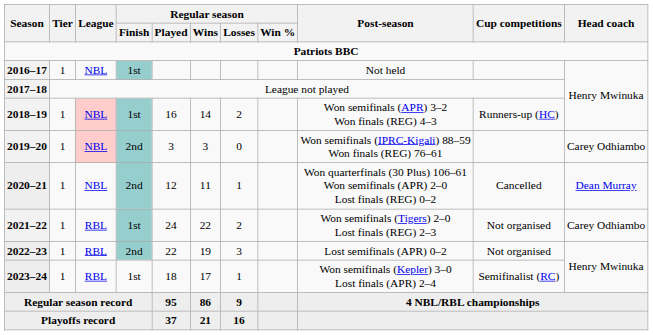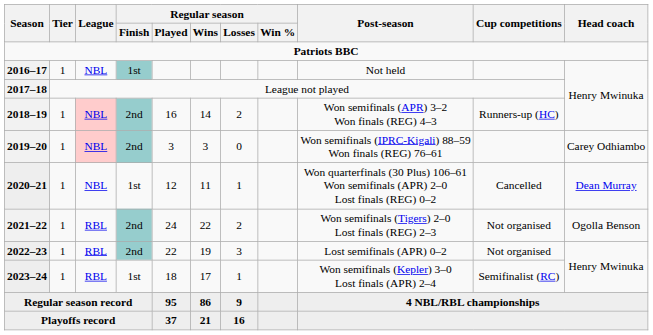 <table class="wikitable" style="font-size:95%; text-align:center">
 <tr>
 <th rowspan="2">Season</th>
 <th rowspan="2">Tier</th>
 <th rowspan="2">League</th>
 <th colspan="5">Regular season</th>
 <th rowspan="2">Post-season</th>
 <th rowspan="2">Cup competitions</th>
 <th rowspan="2">Head coach</th>
 </tr>
 <tr>
 <th>Finish</th>
 <th>Played</th>
 <th>Wins</th>
 <th>Losses</th>
 <th>Win %</th>
 </tr>
 <tr>
 <td colspan="12" align="center"><strong>Patriots BBC</strong></td>
 </tr>
 <tr>
 <th>2016–17</th>
 <td>1</td>
 <td><a href='#'>NBL</a></td>
 <td style="background-color:#96CDCD;">1st</td>
 <td></td>
 <td></td>
 <td></td>
 <td></td>
 <td>Not held</td>
 <td></td>
 <td rowspan="3">Henry Mwinuka</td>
 </tr>
 <tr>
 <th>2017–18</th>
 <td colspan="9">League not played</td>
 </tr>
 <tr>
 <th>2018–19</th>
 <td>1</td>
 <td bgcolor="#FFCCCC"><a href='#'>NBL</a></td>
-<td style="background-color:#96CDCD;">1st</td>
+<td style="background-color:#96CDCD;">2nd</td>
 <td>16</td>
 <td>14</td>
 <td>2</td>
 <td></td>
 <td>Won semifinals (<a href='#'>APR</a>) 3–2<br>Won finals (REG) 4–3</td>
 <td>Runners-up (<a href='#'>HC</a>)</td>
 </tr>
 <tr>
 <th>2019–20</th>
 <td>1</td>
 <td bgcolor="#FFCCCC"><a href='#'>NBL</a></td>
 <td style="background-color:#96CDCD;">2nd</td>
 <td>3</td>
 <td>3</td>
 <td>0</td>
 <td></td>
 <td>Won semifinals (<a href='#'>IPRC-Kigali</a>) 88–59<br>Won finals (REG) 76–61</td>
 <td></td>
 <td>Carey Odhiambo</td>
 </tr>
 <tr>
 <th style="background:#eee;">2020–21</th>
 <td style="text-align:center;">1</td>
 <td style="text-align:center;"><a href='#'>NBL</a></td>
-<td style="background-color:#96CDCD;">2nd</td>
+<td style="text-align:center;" style="background-color:#96CDCD;">1st</td>
 <td style="text-align:center;">12</td>
 <td style="text-align:center;">11</td>
 <td style="text-align:center;">1</td>
 <td style="text-align:center;"></td>
 <td style="text-align:center;">Won quarterfinals (30 Plus) 106–61<br>Won semifinals (APR) 2–0<br>Lost finals (REG) 0–2</td>
 <td>Cancelled</td>
 <td><a href='#'>Dean Murray</a></td>
 </tr>
 <tr>
 <th>2021–22</th>
 <td>1</td>
 <td><a href='#'>RBL</a></td>
-<td style="background-color:#96CDCD;">1st</td>
+<td style="background-color:#96CDCD;">2nd</td>
 <td>24</td>
 <td>22</td>
 <td>2</td>
 <td></td>
 <td>Won semifinals (<a href='#'>Tigers</a>) 2–0<br>Lost finals (REG) 2–3</td>
 <td>Not organised</td>
-<td>Carey Odhiambo</td>
+<td>Ogolla Benson</td>
 </tr>
 <tr>
 <th style="background:#eee;">2022–23</th>
 <td style="text-align:center;">1</td>
 <td style="text-align:center;"><a href='#'>RBL</a></td>
 <td style="background-color:#96CDCD;">2nd</td>
 <td style="text-align:center;">22</td>
 <td style="text-align:center;">19</td>
 <td style="text-align:center;">3</td>
 <td style="text-align:center;"></td>
 <td style="text-align:center;">Lost semifinals (APR) 0–2</td>
 <td>Not organised</td>
 <td rowspan="2">Henry Mwinuka</td>
 </tr>
 <tr>
 <th style="background:#eee;">2023–24</th>
 <td style="text-align:center;">1</td>
 <td style="text-align:center;"><a href='#'>RBL</a></td>
 <td style="text-align:center;"style="background-color:#96CDCD;">1st</td>
 <td style="text-align:center;">18</td>
 <td style="text-align:center;">17</td>
 <td style="text-align:center;">1</td>
 <td style="text-align:center;"></td>
 <td style="text-align:center;">Won semifinals (<a href='#'>Kepler</a>) 3–0<br>Lost finals (APR) 2–4</td>
 <td>Semifinalist (<a href='#'>RC</a>)</td>
 </tr>
 <tr>
 <th colspan="4" style="background:#eee;"><strong>Regular season record</strong></th>
 <td style="background:#eee;"><strong>95</strong></td>
 <td style="background:#eee;"><strong>86</strong></td>
 <td style="background:#eee;"><strong>9</strong></td>
 <td style="background:#eee;"><strong></strong></td>
 <td colspan="3" style="background:#eee;"><strong>4 NBL/RBL championships</strong></td>
 </tr>
 <tr>
 <th colspan="4" style="background:#eee;"><strong>Playoffs record</strong></th>
 <td style="background:#eee;"><strong>37</strong></td>
 <td style="background:#eee;"><strong>21</strong></td>
 <td style="background:#eee;"><strong>16</strong></td>
 <td style="background:#eee;"><strong></strong></td>
 <td colspan="3" style="background:#eee;"></td>
 </tr>
 </table>
